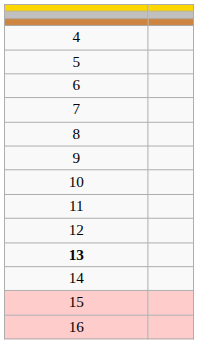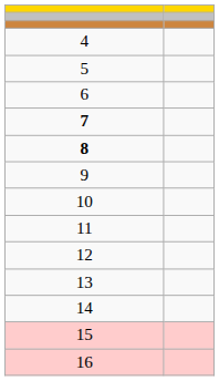 <table class="wikitable" style="width:200px;">
 <tr style="background:gold;">
 <td align=center></td>
 <td></td>
 </tr>
 <tr style="background:silver;">
 <td align=center></td>
 <td></td>
 </tr>
 <tr style="background:peru;">
 <td align=center></td>
 <td></td>
 </tr>
 <tr>
 <td align=center>4</td>
 <td></td>
 </tr>
 <tr>
 <td align=center>5</td>
 <td></td>
 </tr>
 <tr>
 <td align=center>6</td>
 <td></td>
 </tr>
 <tr>
-<td align=center>7</td>
+<td align=center><strong>7</strong></td>
 <td></td>
 </tr>
 <tr>
-<td align=center>8</td>
+<td align=center><strong>8</strong></td>
 <td></td>
 </tr>
 <tr>
 <td align=center>9</td>
 <td></td>
 </tr>
 <tr>
 <td align=center>10</td>
 <td></td>
 </tr>
 <tr>
 <td align=center>11</td>
 <td></td>
 </tr>
 <tr>
 <td align=center>12</td>
 <td></td>
 </tr>
 <tr>
-<td align=center><strong>13</strong></td>
+<td align=center>13</td>
 <td></td>
 </tr>
 <tr>
 <td align=center>14</td>
 <td></td>
 </tr>
 <tr style="background:#fcc;">
 <td align=center>15</td>
 <td></td>
 </tr>
 <tr style="background:#fcc;">
 <td align=center>16</td>
 <td></td>
 </tr>
 </table>
